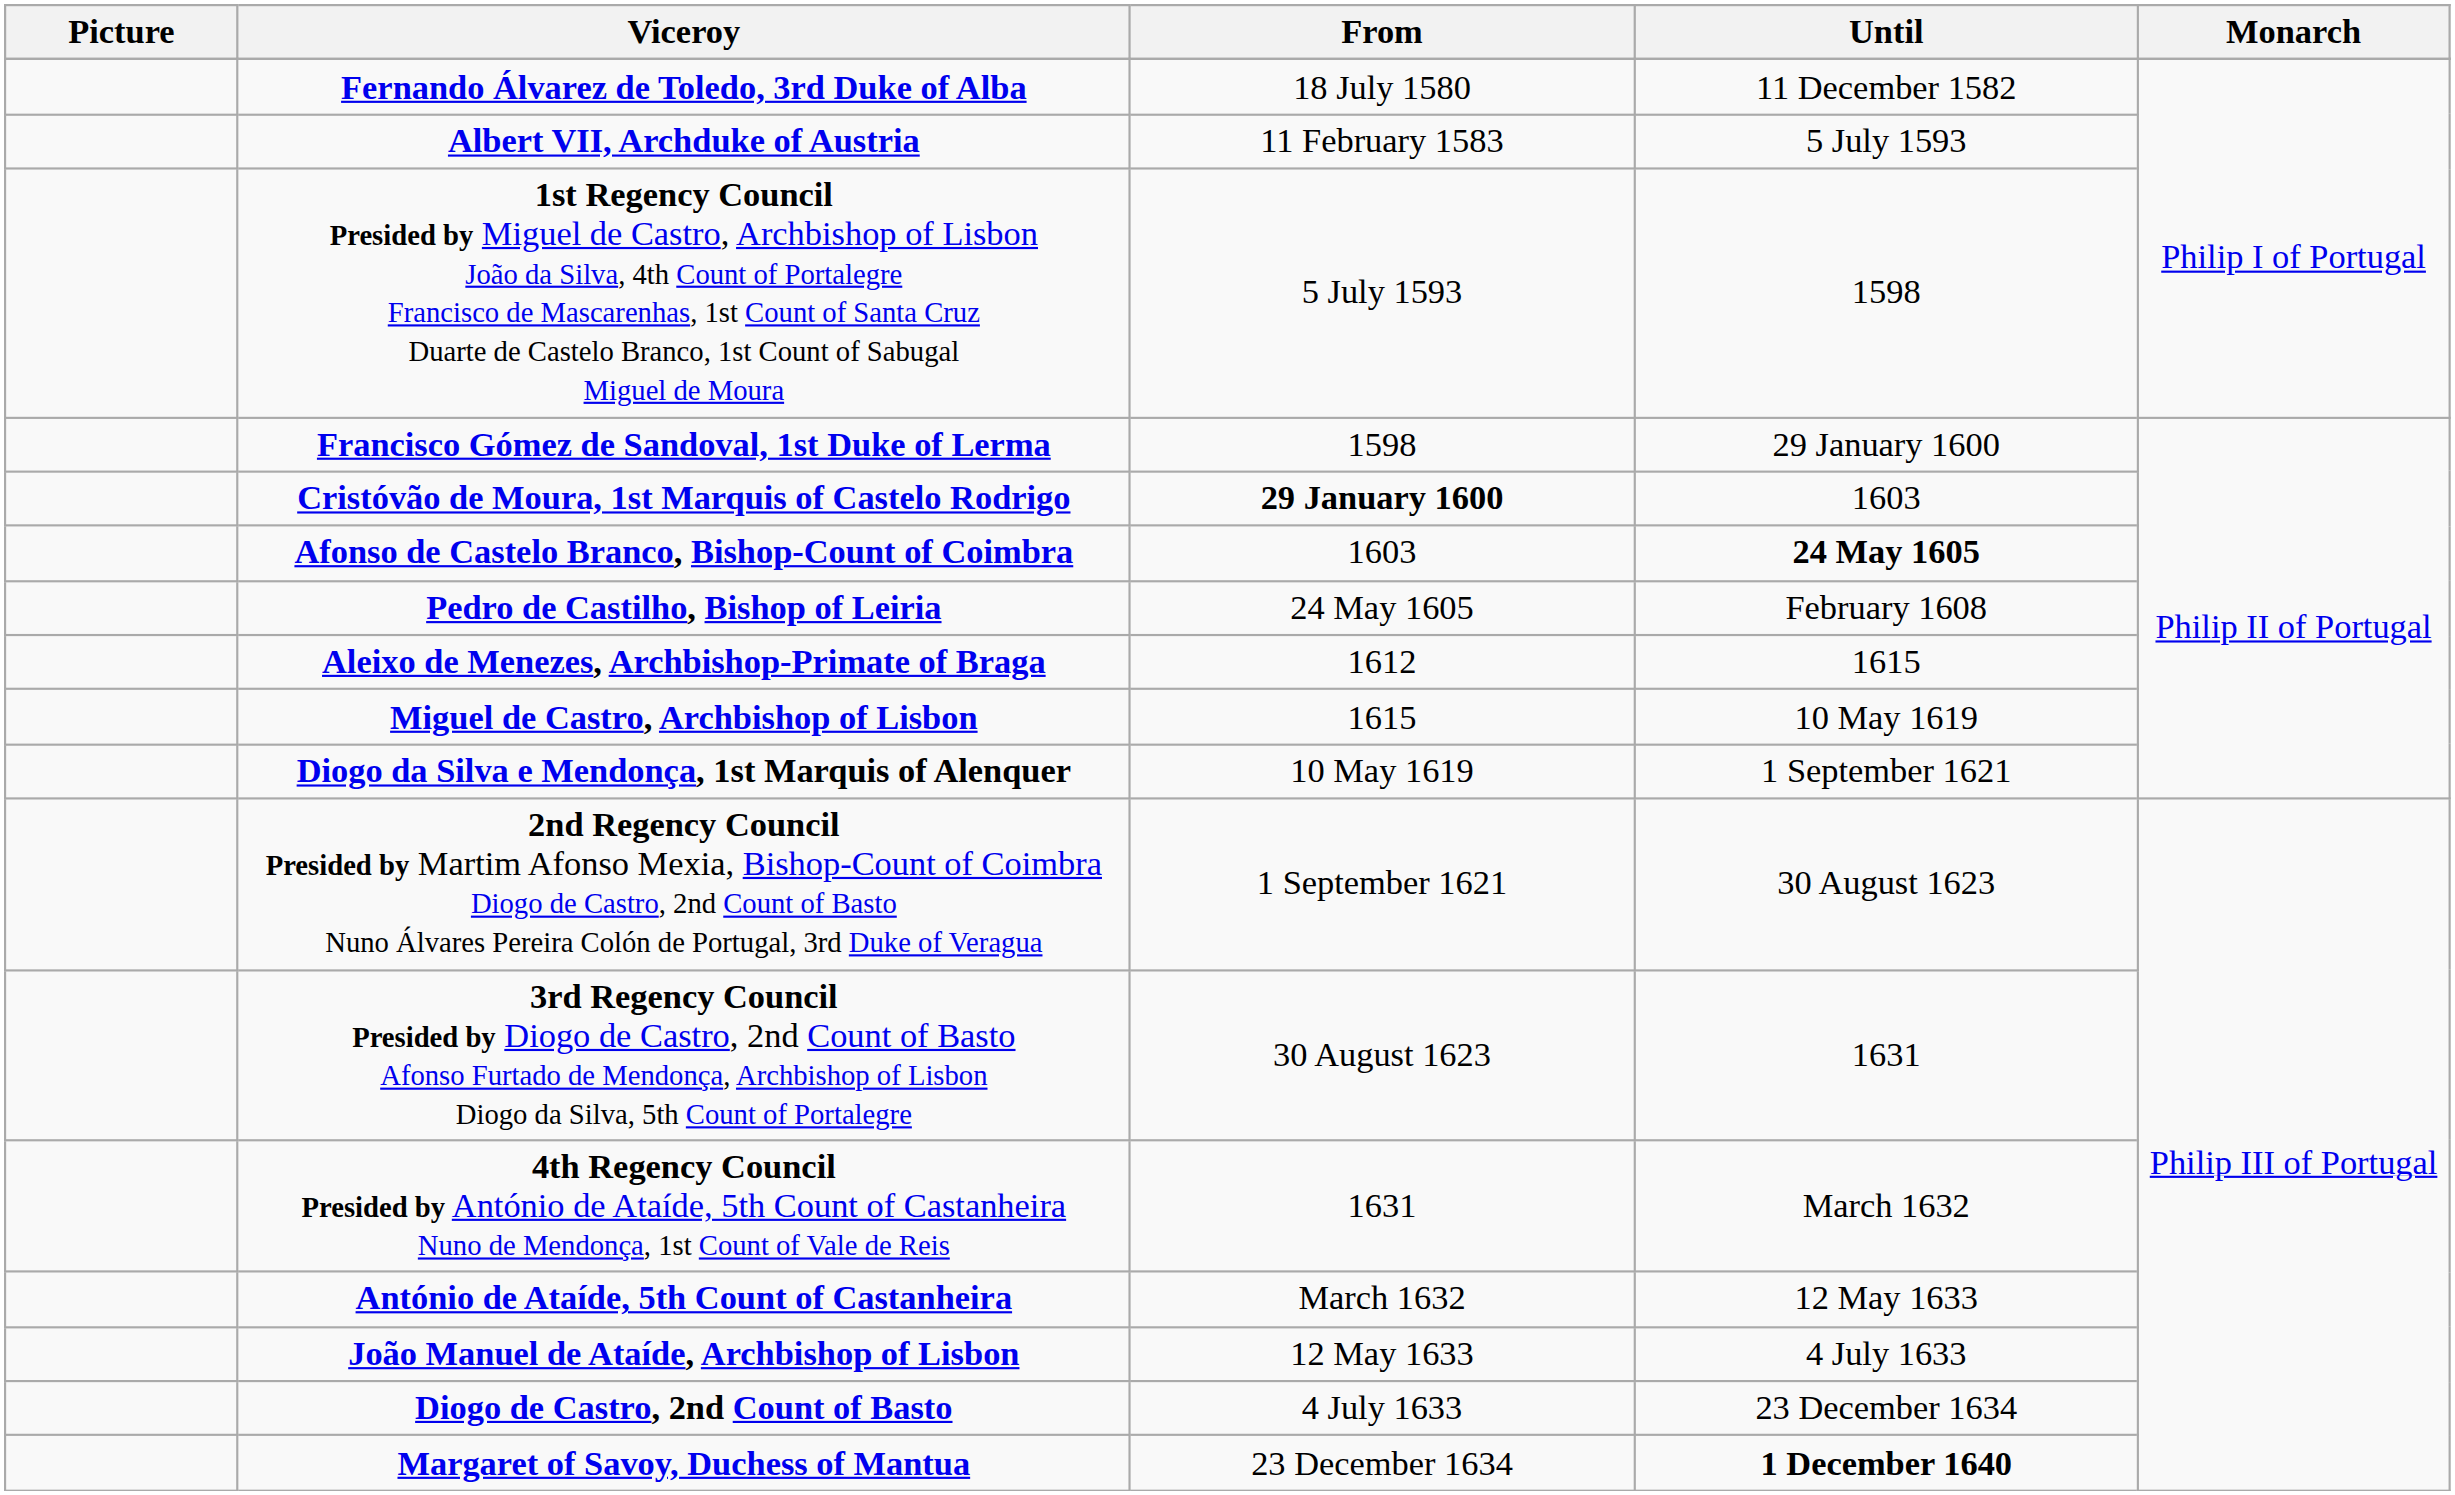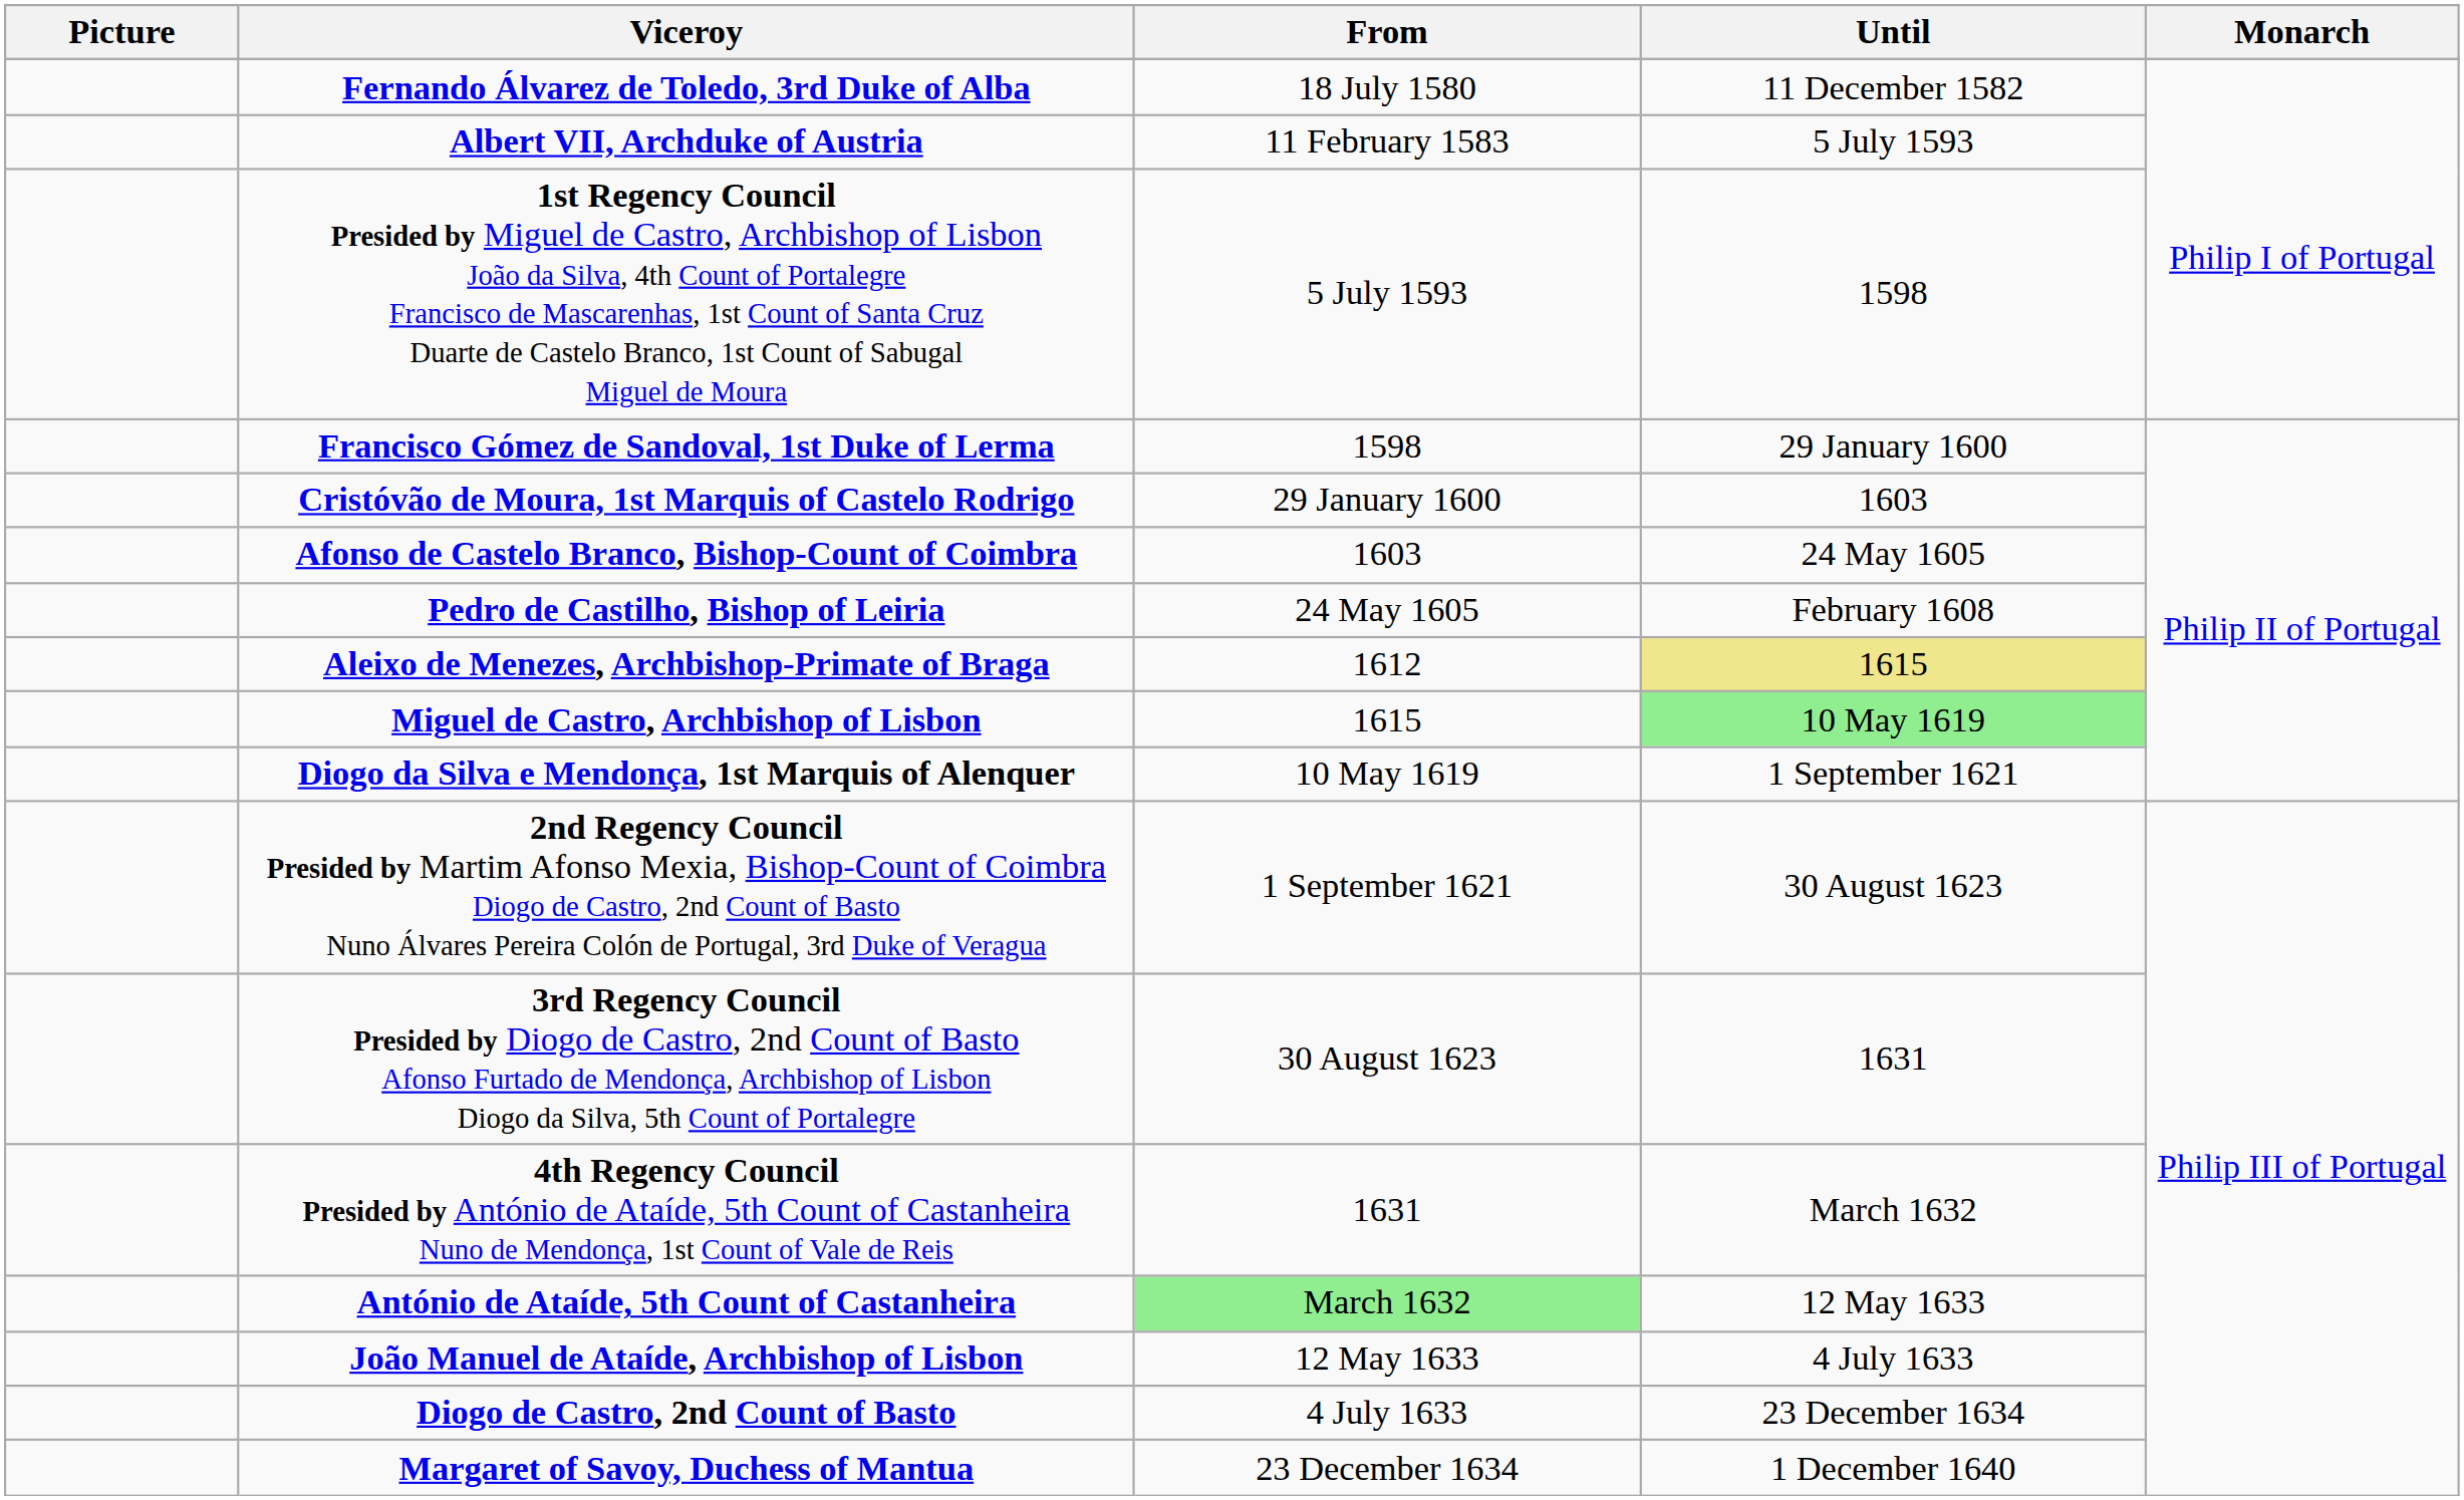 <table width=90% class="wikitable">
 <tr style="background:#cccccc">
 <th width=6%>Picture</th>
 <th width=23%>Viceroy</th>
 <th width=13%>From</th>
 <th width=13%>Until</th>
 <th width=8%>Monarch</th>
 </tr>
 <tr textstyle="align:center">
 </tr>
 <tr align="center">
 <td></td>
 <td><strong><a href='#'>Fernando Álvarez de Toledo, 3rd Duke of Alba</a></strong></td>
 <td>18 July 1580</td>
 <td>11 December 1582</td>
 <td rowspan="3"><br><a href='#'>Philip I of Portugal</a></td>
 </tr>
 <tr align="center">
 <td></td>
 <td><strong><a href='#'>Albert VII, Archduke of Austria</a></strong></td>
 <td>11 February 1583</td>
 <td>5 July 1593</td>
 </tr>
 <tr align="center">
 <td></td>
 <td><strong>1st Regency Council</strong> <br> <small><strong>Presided by</strong></small> <a href='#'>Miguel de Castro</a>, <a href='#'>Archbishop of Lisbon</a> <br> <small> <a href='#'>João da Silva</a>, 4th <a href='#'>Count of Portalegre</a> <br> <a href='#'>Francisco de Mascarenhas</a>, 1st <a href='#'>Count of Santa Cruz</a> <br> Duarte de Castelo Branco, 1st Count of Sabugal <br> <a href='#'>Miguel de Moura</a> </small></td>
 <td>5 July 1593</td>
 <td>1598</td>
 </tr>
 <tr align="center">
 <td></td>
 <td><strong><a href='#'>Francisco Gómez de Sandoval, 1st Duke of Lerma</a></strong></td>
 <td>1598</td>
 <td>29 January 1600</td>
 <td rowspan="7"><br><a href='#'>Philip II of Portugal</a></td>
 </tr>
 <tr align="center">
 <td></td>
 <td><strong><a href='#'>Cristóvão de Moura, 1st Marquis of Castelo Rodrigo</a></strong></td>
-<td><strong>29 January 1600</strong></td>
+<td>29 January 1600</td>
 <td>1603</td>
 </tr>
 <tr align="center">
 <td></td>
 <td><strong><a href='#'>Afonso de Castelo Branco</a>, <a href='#'>Bishop-Count of Coimbra</a></strong></td>
 <td>1603</td>
-<td><strong>24 May 1605</strong></td>
+<td>24 May 1605</td>
 </tr>
 <tr align="center">
 <td></td>
 <td><strong><a href='#'>Pedro de Castilho</a>, <a href='#'>Bishop of Leiria</a></strong></td>
 <td>24 May 1605</td>
 <td>February 1608</td>
 </tr>
 <tr align="center">
 <td></td>
 <td><strong><a href='#'>Aleixo de Menezes</a>, <a href='#'>Archbishop-Primate of Braga</a></strong></td>
 <td>1612</td>
-<td>1615</td>
+<td style="background: khaki;">1615</td>
 </tr>
 <tr align="center">
 <td></td>
 <td><strong><a href='#'>Miguel de Castro</a>, <a href='#'>Archbishop of Lisbon</a></strong></td>
 <td>1615</td>
-<td>10 May 1619</td>
+<td style="background: lightgreen;">10 May 1619</td>
 </tr>
 <tr align="center">
 <td></td>
 <td><strong><a href='#'>Diogo da Silva e Mendonça</a>, 1st Marquis of Alenquer</strong></td>
 <td>10 May 1619</td>
 <td>1 September 1621</td>
 </tr>
 <tr align="center">
 <td></td>
 <td><strong>2nd Regency Council</strong> <br> <small><strong>Presided by</strong></small> Martim Afonso Mexia, <a href='#'>Bishop-Count of Coimbra</a><small><br><a href='#'>Diogo de Castro</a>, 2nd <a href='#'>Count of Basto</a> <br> Nuno Álvares Pereira Colón de Portugal, 3rd <a href='#'>Duke of Veragua</a> </small></td>
 <td>1 September 1621</td>
 <td>30 August 1623</td>
 <td rowspan="7"><br><a href='#'>Philip III of Portugal</a></td>
 </tr>
 <tr align="center">
 <td></td>
 <td><strong>3rd Regency Council</strong> <br> <small><strong>Presided by</strong></small> <a href='#'>Diogo de Castro</a>, 2nd <a href='#'>Count of Basto</a> <br> <small> <a href='#'>Afonso Furtado de Mendonça</a>, <a href='#'>Archbishop of Lisbon</a> <br> Diogo da Silva, 5th <a href='#'>Count of Portalegre</a>  </small></td>
 <td>30 August 1623</td>
 <td>1631</td>
 </tr>
 <tr align="center">
 <td></td>
 <td><strong>4th Regency Council</strong> <br> <small><strong>Presided by</strong></small> <a href='#'>António de Ataíde, 5th Count of Castanheira</a> <br> <small> <a href='#'>Nuno de Mendonça</a>, 1st <a href='#'>Count of Vale de Reis</a></small></td>
 <td>1631</td>
 <td>March 1632</td>
 </tr>
 <tr align="center">
 <td></td>
 <td><strong><a href='#'>António de Ataíde, 5th Count of Castanheira</a></strong> </td>
-<td>March 1632</td>
+<td style="background: lightgreen;">March 1632</td>
 <td>12 May 1633</td>
 </tr>
 <tr align="center">
 <td></td>
 <td><strong><a href='#'>João Manuel de Ataíde</a>, <a href='#'>Archbishop of Lisbon</a></strong></td>
 <td>12 May 1633</td>
 <td>4 July 1633</td>
 </tr>
 <tr align="center">
 <td></td>
 <td><strong><a href='#'>Diogo de Castro</a>, 2nd <a href='#'>Count of Basto</a></strong></td>
 <td>4 July 1633</td>
 <td>23 December 1634</td>
 </tr>
 <tr align="center">
 <td></td>
 <td><strong><a href='#'>Margaret of Savoy, Duchess of Mantua</a></strong></td>
 <td>23 December 1634</td>
-<td><strong>1 December 1640</strong></td>
+<td>1 December 1640</td>
 </tr>
 </table>
